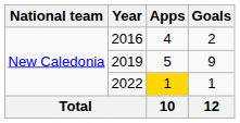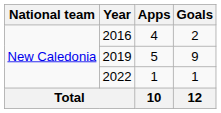 <table class="wikitable" style="text-align:center">
 <tr>
 <th>National team</th>
 <th>Year</th>
 <th>Apps</th>
 <th>Goals</th>
 </tr>
 <tr>
 <td rowspan="3"><a href='#'>New Caledonia</a></td>
 <td>2016</td>
 <td>4</td>
 <td>2</td>
 </tr>
 <tr>
 <td>2019</td>
 <td>5</td>
 <td>9</td>
 </tr>
 <tr>
 <td>2022</td>
-<td style="background: gold;">1</td>
+<td>1</td>
 <td>1</td>
 </tr>
 <tr>
 <th colspan="2">Total</th>
 <th>10</th>
 <th>12</th>
 </tr>
 </table>
